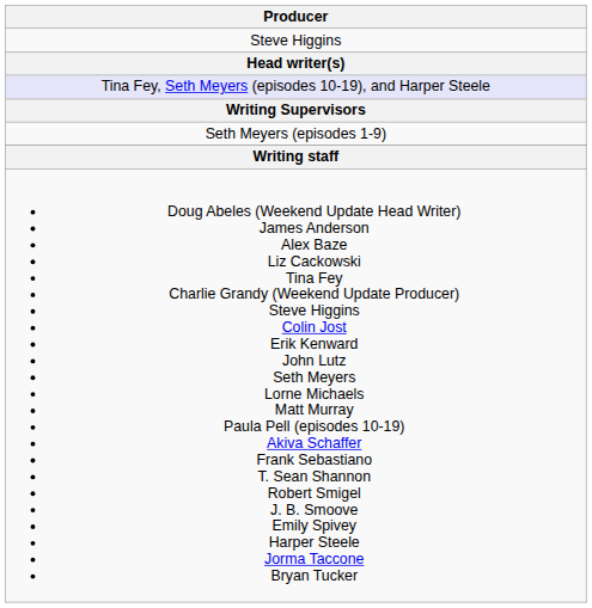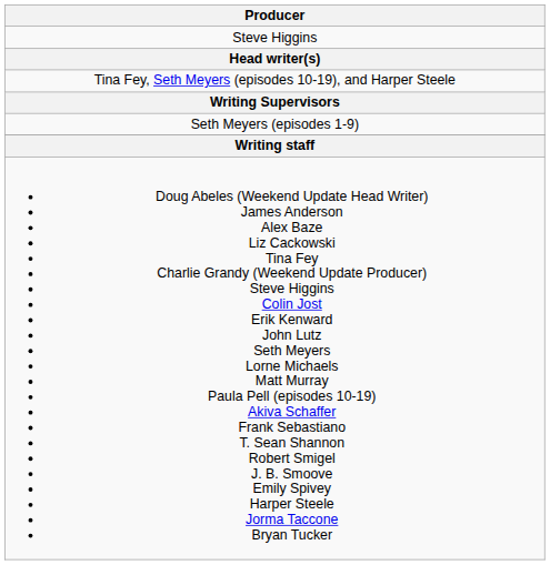 <table class="wikitable plainrowheaders"  style="text-align:center; width:50%;">
 <tr>
 <th><strong>Producer</strong></th>
 </tr>
 <tr>
 <td>Steve Higgins</td>
 </tr>
 <tr>
 <th><strong>Head writer(s)</strong></th>
 </tr>
 <tr>
-<td style="background: lavender;">Tina Fey, <a href='#'>Seth Meyers</a> (episodes 10-19), and Harper Steele</td>
+<td>Tina Fey, <a href='#'>Seth Meyers</a> (episodes 10-19), and Harper Steele</td>
 </tr>
 <tr>
 <th><strong>Writing Supervisors</strong></th>
 </tr>
 <tr>
 <td>Seth Meyers (episodes 1-9)</td>
 </tr>
 <tr>
 </tr>
 <tr>
 <th><strong>Writing staff</strong></th>
 </tr>
 <tr>
 <td><br><ul><li>Doug Abeles (Weekend Update Head Writer)</li><li>James Anderson</li><li>Alex Baze</li><li>Liz Cackowski</li><li>Tina Fey</li><li>Charlie Grandy (Weekend Update Producer)</li><li>Steve Higgins</li><li><a href='#'>Colin Jost</a></li><li>Erik Kenward</li><li>John Lutz</li><li>Seth Meyers</li><li>Lorne Michaels</li><li>Matt Murray</li><li>Paula Pell (episodes 10-19)</li><li><a href='#'>Akiva Schaffer</a></li><li>Frank Sebastiano</li><li>T. Sean Shannon</li><li>Robert Smigel</li><li>J. B. Smoove</li><li>Emily Spivey</li><li>Harper Steele</li><li><a href='#'>Jorma Taccone</a></li><li>Bryan Tucker</li></ul></td>
 </tr>
 </table>
